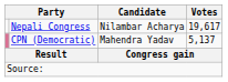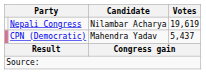 <table class="wikitable">
 <tr>
 <th colspan="2">Party</th>
 <th>Candidate</th>
 <th>Votes</th>
 </tr>
 <tr>
 <td style="background-color:"></td>
 <td><a href='#'>Nepali Congress</a></td>
 <td>Nilambar Acharya</td>
-<td>19,617</td>
+<td>19,619</td>
 </tr>
 <tr>
 <td style="background-color:palevioletred"></td>
 <td><a href='#'>CPN (Democratic)</a></td>
 <td>Mahendra Yadav</td>
-<td>5,137</td>
+<td>5,437</td>
 </tr>
 <tr>
 <th colspan="2">Result</th>
 <th colspan="2">Congress gain</th>
 </tr>
 <tr>
 <td colspan="4">Source: </td>
 </tr>
 </table>
